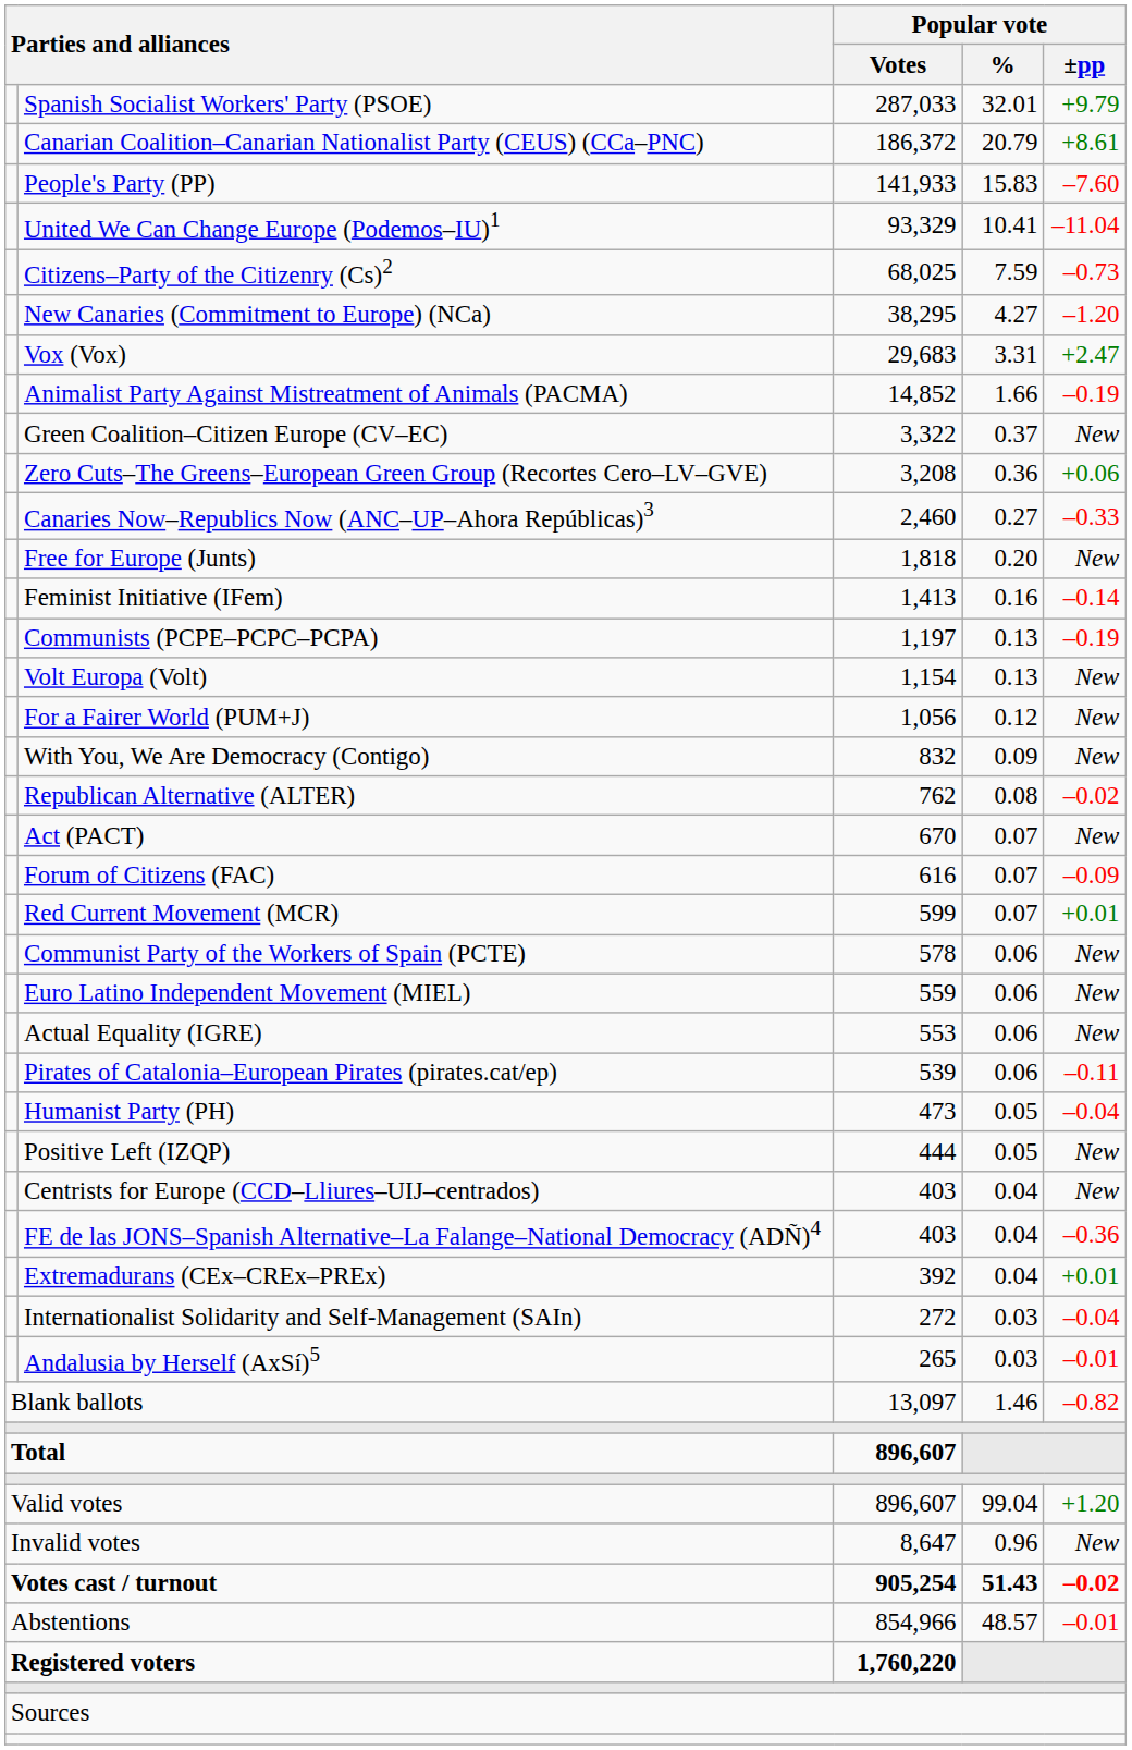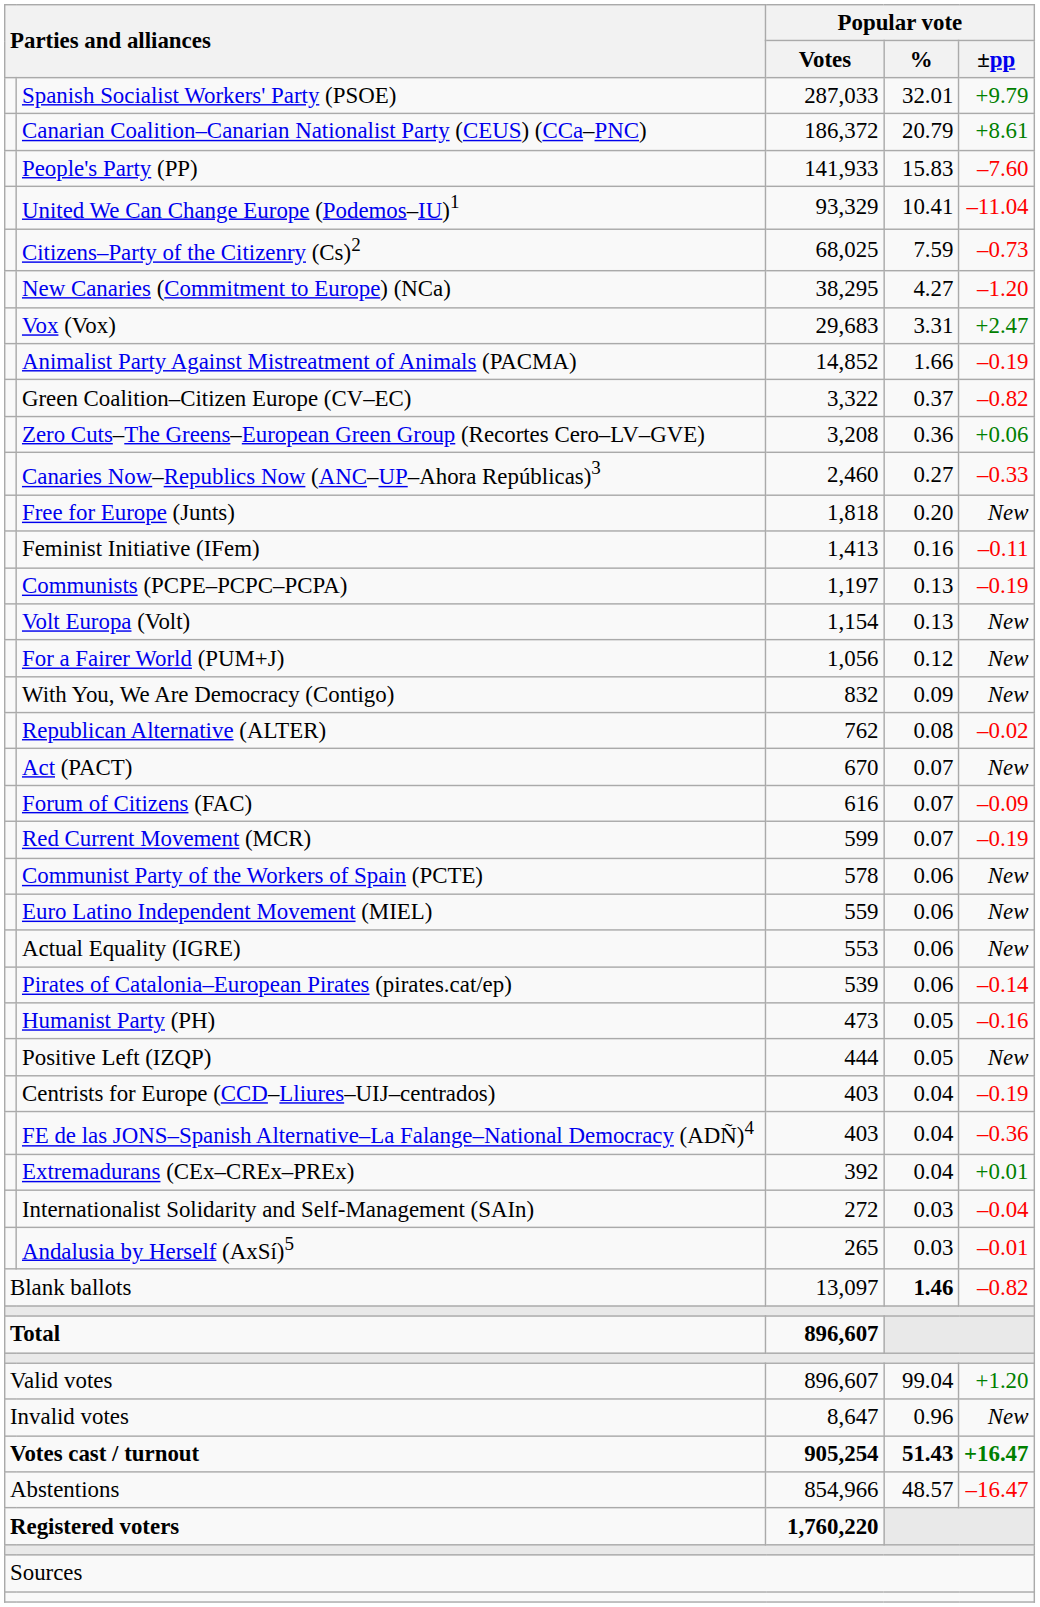 <table class="wikitable" style="text-align:right;">
 <tr>
 <th style="text-align:left;" rowspan="2" colspan="2" width="525">Parties and alliances</th>
 <th colspan="3">Popular vote</th>
 </tr>
 <tr>
 <th width="75">Votes</th>
 <th width="45">%</th>
 <th width="45">±<a href='#'>pp</a></th>
 </tr>
 <tr>
 <td width="1" style="color:inherit;background:"></td>
 <td align="left"><a href='#'>Spanish Socialist Workers' Party</a> (PSOE)</td>
 <td>287,033</td>
 <td>32.01</td>
 <td style="color:green;">+9.79</td>
 </tr>
 <tr>
 <td style="color:inherit;background:"></td>
 <td align="left"><a href='#'>Canarian Coalition–Canarian Nationalist Party</a> (<a href='#'>CEUS</a>) (<a href='#'>CCa</a>–<a href='#'>PNC</a>)</td>
 <td>186,372</td>
 <td>20.79</td>
 <td style="color:green;">+8.61</td>
 </tr>
 <tr>
 <td style="color:inherit;background:"></td>
 <td align="left"><a href='#'>People's Party</a> (PP)</td>
 <td>141,933</td>
 <td>15.83</td>
 <td style="color:red;">–7.60</td>
 </tr>
 <tr>
 <td style="color:inherit;background:"></td>
 <td align="left"><a href='#'>United We Can Change Europe</a> (<a href='#'>Podemos</a>–<a href='#'>IU</a>)<sup>1</sup></td>
 <td>93,329</td>
 <td>10.41</td>
 <td style="color:red;">–11.04</td>
 </tr>
 <tr>
 <td style="color:inherit;background:"></td>
 <td align="left"><a href='#'>Citizens–Party of the Citizenry</a> (Cs)<sup>2</sup></td>
 <td>68,025</td>
 <td>7.59</td>
 <td style="color:red;">–0.73</td>
 </tr>
 <tr>
 <td style="color:inherit;background:"></td>
 <td align="left"><a href='#'>New Canaries</a> (<a href='#'>Commitment to Europe</a>) (NCa)</td>
 <td>38,295</td>
 <td>4.27</td>
 <td style="color:red;">–1.20</td>
 </tr>
 <tr>
 <td style="color:inherit;background:"></td>
 <td align="left"><a href='#'>Vox</a> (Vox)</td>
 <td>29,683</td>
 <td>3.31</td>
 <td style="color:green;">+2.47</td>
 </tr>
 <tr>
 <td style="color:inherit;background:"></td>
 <td align="left"><a href='#'>Animalist Party Against Mistreatment of Animals</a> (PACMA)</td>
 <td>14,852</td>
 <td>1.66</td>
 <td style="color:red;">–0.19</td>
 </tr>
 <tr>
 <td style="color:inherit;background:"></td>
 <td align="left">Green Coalition–Citizen Europe (CV–EC)</td>
 <td>3,322</td>
 <td>0.37</td>
-<td><em>New</em></td>
+<td style="color:red;">–0.82</td>
 </tr>
 <tr>
 <td style="color:inherit;background:"></td>
 <td align="left"><a href='#'>Zero Cuts</a>–<a href='#'>The Greens</a>–<a href='#'>European Green Group</a> (Recortes Cero–LV–GVE)</td>
 <td>3,208</td>
 <td>0.36</td>
 <td style="color:green;">+0.06</td>
 </tr>
 <tr>
 <td style="color:inherit;background:"></td>
 <td align="left"><a href='#'>Canaries Now</a>–<a href='#'>Republics Now</a> (<a href='#'>ANC</a>–<a href='#'>UP</a>–Ahora Repúblicas)<sup>3</sup></td>
 <td>2,460</td>
 <td>0.27</td>
 <td style="color:red;">–0.33</td>
 </tr>
 <tr>
 <td style="color:inherit;background:"></td>
 <td align="left"><a href='#'>Free for Europe</a> (Junts)</td>
 <td>1,818</td>
 <td>0.20</td>
 <td><em>New</em></td>
 </tr>
 <tr>
 <td style="color:inherit;background:"></td>
 <td align="left">Feminist Initiative (IFem)</td>
 <td>1,413</td>
 <td>0.16</td>
-<td style="color:red;">–0.14</td>
+<td style="color:red;">–0.11</td>
 </tr>
 <tr>
 <td style="color:inherit;background:"></td>
 <td align="left"><a href='#'>Communists</a> (PCPE–PCPC–PCPA)</td>
 <td>1,197</td>
 <td>0.13</td>
 <td style="color:red;">–0.19</td>
 </tr>
 <tr>
 <td style="color:inherit;background:"></td>
 <td align="left"><a href='#'>Volt Europa</a> (Volt)</td>
 <td>1,154</td>
 <td>0.13</td>
 <td><em>New</em></td>
 </tr>
 <tr>
 <td style="color:inherit;background:"></td>
 <td align="left"><a href='#'>For a Fairer World</a> (PUM+J)</td>
 <td>1,056</td>
 <td>0.12</td>
 <td><em>New</em></td>
 </tr>
 <tr>
 <td style="color:inherit;background:"></td>
 <td align="left">With You, We Are Democracy (Contigo)</td>
 <td>832</td>
 <td>0.09</td>
 <td><em>New</em></td>
 </tr>
 <tr>
 <td style="color:inherit;background:"></td>
 <td align="left"><a href='#'>Republican Alternative</a> (ALTER)</td>
 <td>762</td>
 <td>0.08</td>
 <td style="color:red;">–0.02</td>
 </tr>
 <tr>
 <td style="color:inherit;background:"></td>
 <td align="left"><a href='#'>Act</a> (PACT)</td>
 <td>670</td>
 <td>0.07</td>
 <td><em>New</em></td>
 </tr>
 <tr>
 <td style="color:inherit;background:"></td>
 <td align="left"><a href='#'>Forum of Citizens</a> (FAC)</td>
 <td>616</td>
 <td>0.07</td>
 <td style="color:red;">–0.09</td>
 </tr>
 <tr>
 <td style="color:inherit;background:"></td>
 <td align="left"><a href='#'>Red Current Movement</a> (MCR)</td>
 <td>599</td>
 <td>0.07</td>
-<td style="color:green;">+0.01</td>
+<td style="color:red;">–0.19</td>
 </tr>
 <tr>
 <td style="color:inherit;background:"></td>
 <td align="left"><a href='#'>Communist Party of the Workers of Spain</a> (PCTE)</td>
 <td>578</td>
 <td>0.06</td>
 <td><em>New</em></td>
 </tr>
 <tr>
 <td style="color:inherit;background:"></td>
 <td align="left"><a href='#'>Euro Latino Independent Movement</a> (MIEL)</td>
 <td>559</td>
 <td>0.06</td>
 <td><em>New</em></td>
 </tr>
 <tr>
 <td style="color:inherit;background:"></td>
 <td align="left">Actual Equality (IGRE)</td>
 <td>553</td>
 <td>0.06</td>
 <td><em>New</em></td>
 </tr>
 <tr>
 <td style="color:inherit;background:"></td>
 <td align="left"><a href='#'>Pirates of Catalonia–European Pirates</a> (pirates.cat/ep)</td>
 <td>539</td>
 <td>0.06</td>
-<td style="color:red;">–0.11</td>
+<td style="color:red;">–0.14</td>
 </tr>
 <tr>
 <td style="color:inherit;background:"></td>
 <td align="left"><a href='#'>Humanist Party</a> (PH)</td>
 <td>473</td>
 <td>0.05</td>
-<td style="color:red;">–0.04</td>
+<td style="color:red;">–0.16</td>
 </tr>
 <tr>
 <td style="color:inherit;background:"></td>
 <td align="left">Positive Left (IZQP)</td>
 <td>444</td>
 <td>0.05</td>
 <td><em>New</em></td>
 </tr>
 <tr>
 <td style="color:inherit;background:"></td>
 <td align="left">Centrists for Europe (<a href='#'>CCD</a>–<a href='#'>Lliures</a>–UIJ–centrados)</td>
 <td>403</td>
 <td>0.04</td>
-<td><em>New</em></td>
+<td style="color:red;">–0.19</td>
 </tr>
 <tr>
 <td style="color:inherit;background:"></td>
 <td align="left"><a href='#'>FE de las JONS–Spanish Alternative–La Falange–National Democracy</a> (ADÑ)<sup>4</sup></td>
 <td>403</td>
 <td>0.04</td>
 <td style="color:red;">–0.36</td>
 </tr>
 <tr>
 <td style="color:inherit;background:"></td>
 <td align="left"><a href='#'>Extremadurans</a> (CEx–CREx–PREx)</td>
 <td>392</td>
 <td>0.04</td>
 <td style="color:green;">+0.01</td>
 </tr>
 <tr>
 <td style="color:inherit;background:"></td>
 <td align="left">Internationalist Solidarity and Self-Management (SAIn)</td>
 <td>272</td>
 <td>0.03</td>
 <td style="color:red;">–0.04</td>
 </tr>
 <tr>
 <td style="color:inherit;background:"></td>
 <td align="left"><a href='#'>Andalusia by Herself</a> (AxSí)<sup>5</sup></td>
 <td>265</td>
 <td>0.03</td>
 <td style="color:red;">–0.01</td>
 </tr>
 <tr>
 <td align="left" colspan="2">Blank ballots</td>
 <td>13,097</td>
-<td>1.46</td>
+<td><strong>1.46</strong></td>
 <td style="color:red;">–0.82</td>
 </tr>
 <tr>
 <td colspan="5" bgcolor="#E9E9E9"></td>
 </tr>
 <tr style="font-weight:bold;">
 <td align="left" colspan="2">Total</td>
 <td>896,607</td>
 <td bgcolor="#E9E9E9" colspan="2"></td>
 </tr>
 <tr>
 <td colspan="5" bgcolor="#E9E9E9"></td>
 </tr>
 <tr>
 <td align="left" colspan="2">Valid votes</td>
 <td>896,607</td>
 <td>99.04</td>
 <td style="color:green;">+1.20</td>
 </tr>
 <tr>
 <td align="left" colspan="2">Invalid votes</td>
 <td>8,647</td>
 <td>0.96</td>
 <td><em>New</em></td>
 </tr>
 <tr style="font-weight:bold;">
 <td align="left" colspan="2">Votes cast / turnout</td>
 <td>905,254</td>
 <td>51.43</td>
-<td style="color:red;">–0.02</td>
+<td style="color:green;">+16.47</td>
 </tr>
 <tr>
 <td align="left" colspan="2">Abstentions</td>
 <td>854,966</td>
 <td>48.57</td>
-<td style="color:red;">–0.01</td>
+<td style="color:red;">–16.47</td>
 </tr>
 <tr style="font-weight:bold;">
 <td align="left" colspan="2">Registered voters</td>
 <td>1,760,220</td>
 <td bgcolor="#E9E9E9" colspan="2"></td>
 </tr>
 <tr>
 <td colspan="5" bgcolor="#E9E9E9"></td>
 </tr>
 <tr>
 <td align="left" colspan="5">Sources</td>
 </tr>
 <tr>
 <td colspan="5" style="text-align:left; max-width:680px;"></td>
 </tr>
 </table>
